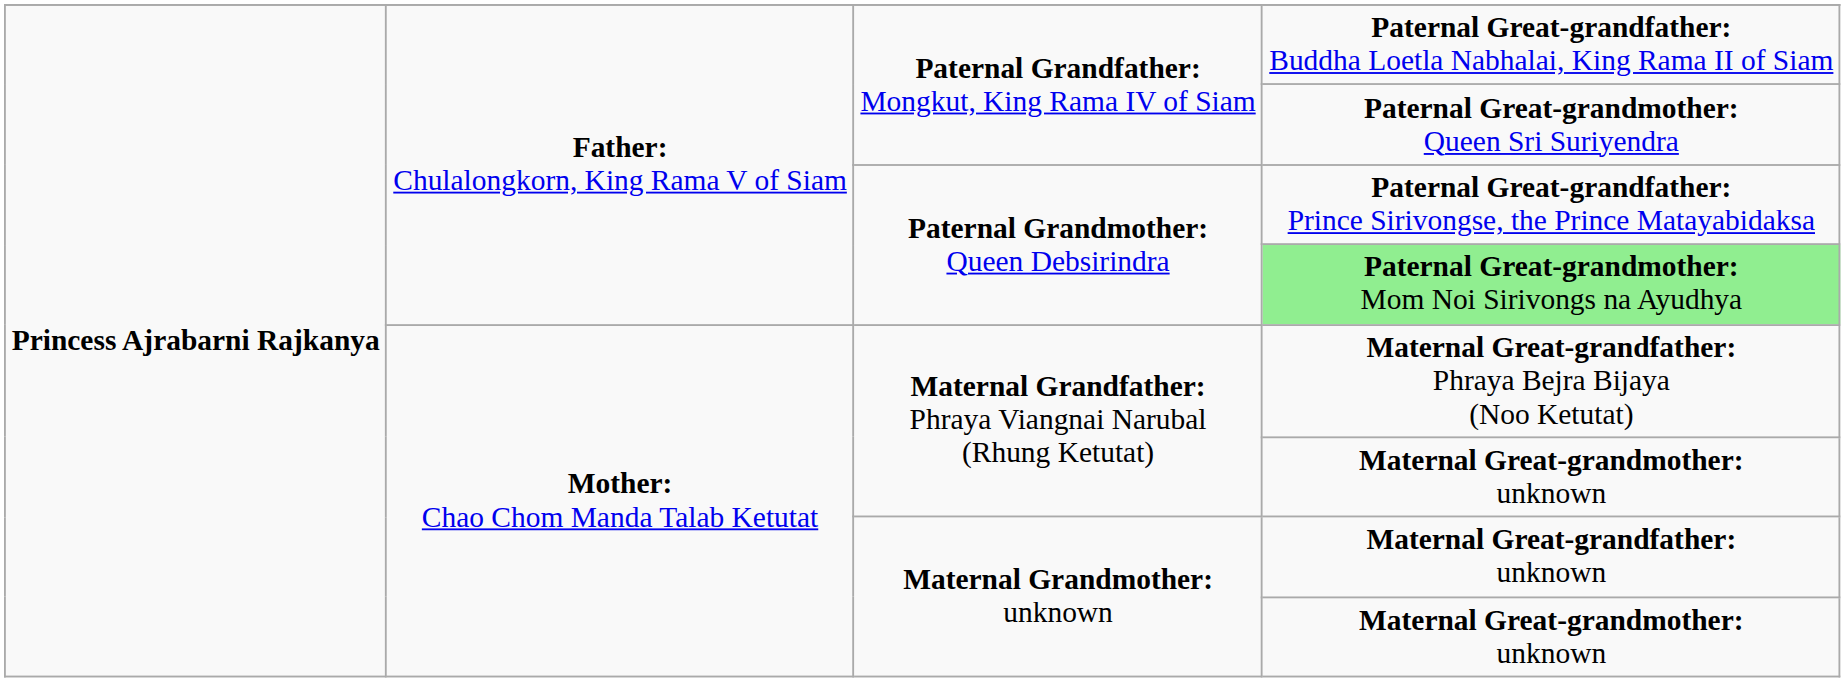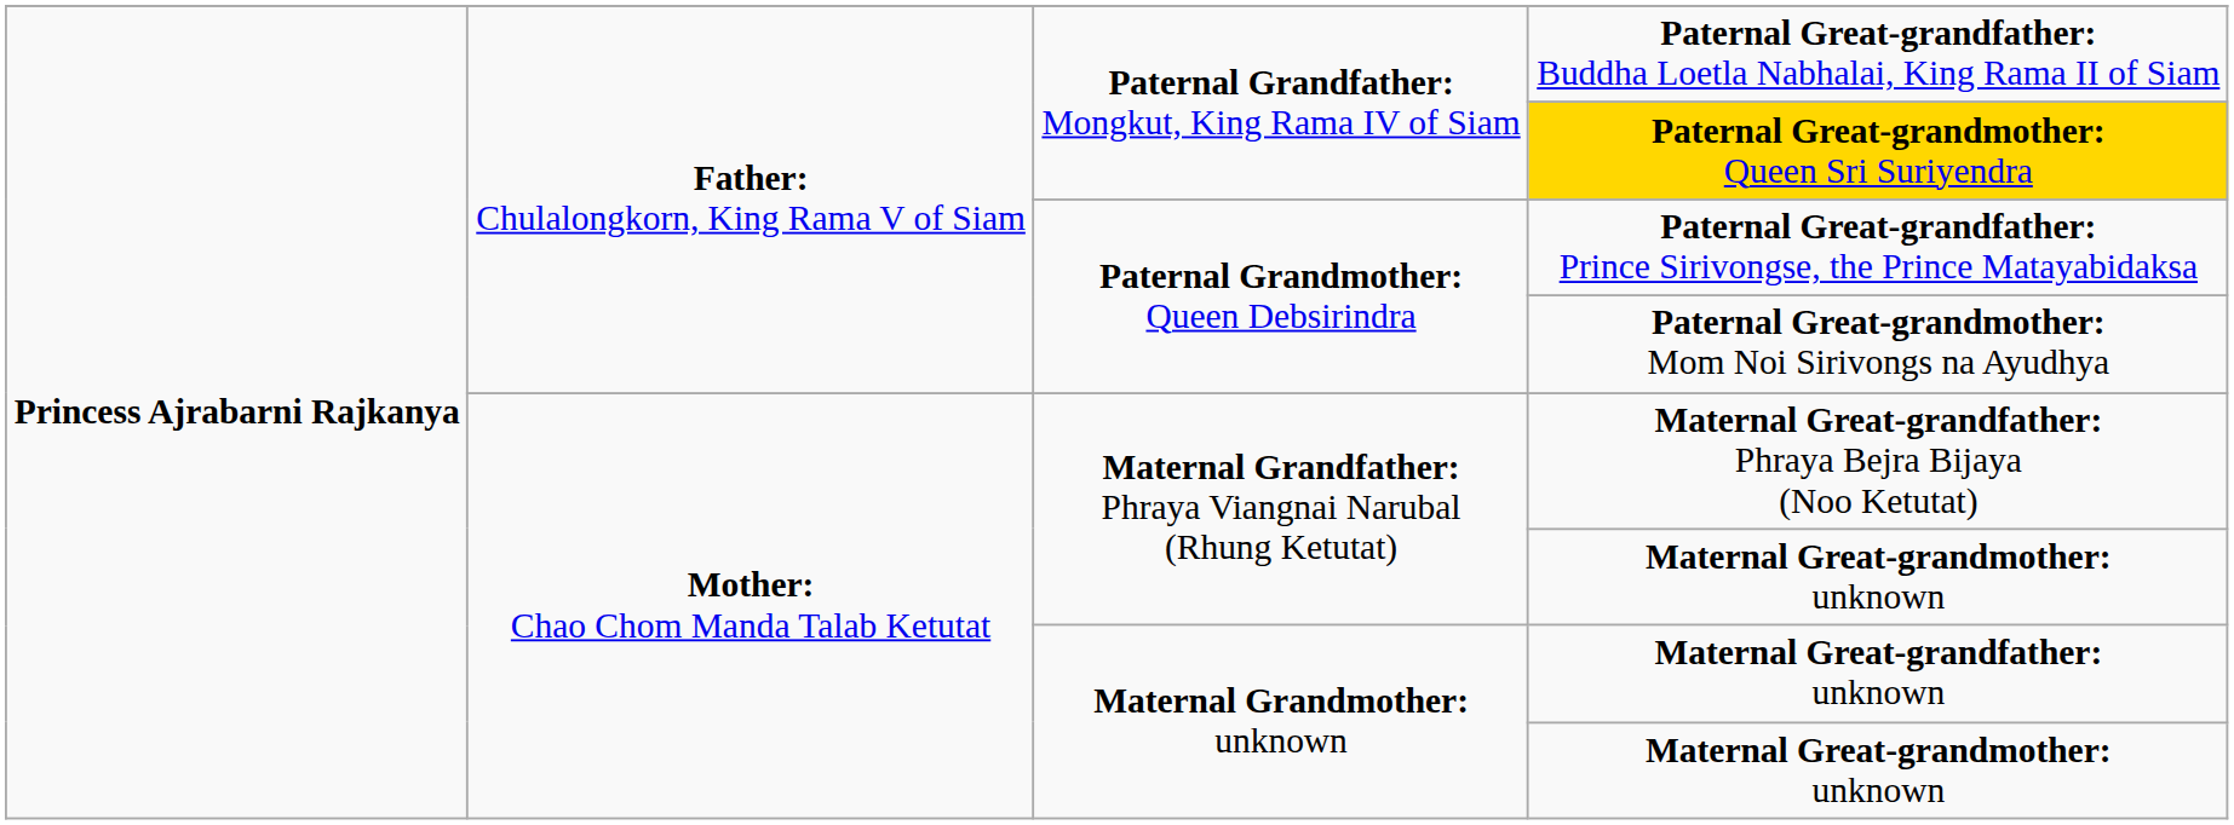 <table class="wikitable">
 <tr>
 </tr>
 <tr>
 <td rowspan="8" align="center"><strong>Princess Ajrabarni Rajkanya</strong></td>
 <td rowspan="4" align="center"><strong>Father:</strong><br><a href='#'>Chulalongkorn, King Rama V of Siam</a></td>
 <td rowspan="2" align="center"><strong>Paternal Grandfather:</strong><br><a href='#'>Mongkut, King Rama IV of Siam</a></td>
 <td align = "center"><strong>Paternal Great-grandfather:</strong><br><a href='#'>Buddha Loetla Nabhalai, King Rama II of Siam</a></td>
 </tr>
 <tr>
-<td align = "center"><strong>Paternal Great-grandmother:</strong><br><a href='#'>Queen Sri Suriyendra</a></td>
+<td align = "center" style="background: gold;"><strong>Paternal Great-grandmother:</strong><br><a href='#'>Queen Sri Suriyendra</a></td>
 </tr>
 <tr>
 <td rowspan="2" align="center"><strong>Paternal Grandmother:</strong><br><a href='#'>Queen Debsirindra</a></td>
 <td align = "center"><strong>Paternal Great-grandfather:</strong><br><a href='#'>Prince Sirivongse, the Prince Matayabidaksa</a></td>
 </tr>
 <tr>
-<td align = "center" style="background: lightgreen;"><strong>Paternal Great-grandmother:</strong><br>Mom Noi Sirivongs na Ayudhya</td>
+<td align = "center"><strong>Paternal Great-grandmother:</strong><br>Mom Noi Sirivongs na Ayudhya</td>
 </tr>
 <tr>
 <td rowspan="4" align="center"><strong>Mother:</strong><br><a href='#'>Chao Chom Manda Talab Ketutat</a></td>
 <td rowspan="2" align="center"><strong>Maternal Grandfather:</strong><br>Phraya Viangnai Narubal<br>(Rhung Ketutat)</td>
 <td align = "center"><strong>Maternal Great-grandfather:</strong><br>Phraya Bejra Bijaya<br>(Noo Ketutat)</td>
 </tr>
 <tr>
 <td align = "center"><strong>Maternal Great-grandmother:</strong><br>unknown</td>
 </tr>
 <tr>
 <td rowspan="2" align="center"><strong>Maternal Grandmother:</strong><br>unknown</td>
 <td align = "center"><strong>Maternal Great-grandfather:</strong><br>unknown</td>
 </tr>
 <tr>
 <td align = "center"><strong>Maternal Great-grandmother:</strong><br>unknown</td>
 </tr>
 </table>
